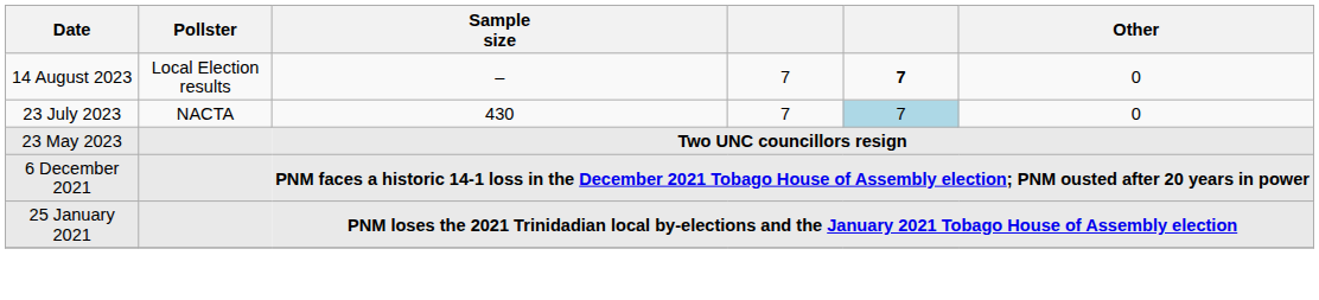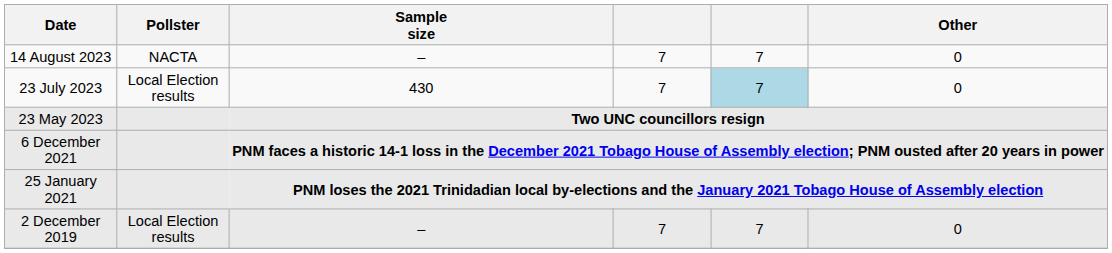 <table class="wikitable sortable collapsible" style="text-align:center;font-size:95%;">
 <tr style="height:42px;">
 <th style="width:110px;">Date</th>
 <th style="width:110px;">Pollster</th>
 <th data-sort-type="number">Sample<br>size</th>
 <th class="unsortable" style="background:"><a href='#'></a></th>
 <th class="unsortable" style="background:"><a href='#'></a></th>
 <th class="unsortable">Other</th>
 </tr>
 <tr>
 <td>14 August 2023</td>
-<td>Local Election results</td>
+<td>NACTA</td>
 <td>–</td>
 <td>7</td>
-<td><strong>7</strong></td>
+<td>7</td>
 <td>0</td>
 </tr>
 <tr>
 <td>23 July 2023</td>
-<td>NACTA</td>
+<td>Local Election results</td>
 <td>430</td>
 <td>7</td>
 <td style="background: lightblue;">7</td>
 <td>0</td>
 </tr>
 <tr style="background:#E9E9E9;">
 <td>23 May 2023</td>
 <td style="border-right-style:hidden;"></td>
 <td colspan="4" style="font-weight:bold;"><strong> Two UNC councillors resign</strong></td>
 </tr>
 <tr style="background:#E9E9E9;">
 <td>6 December 2021</td>
 <td style="border-right-style:hidden;"></td>
 <td colspan="4" style="font-weight:bold;"><strong>PNM faces a historic 14-1 loss in the <a href='#'>December 2021 Tobago House of Assembly election</a>; PNM ousted after 20 years in power</strong></td>
 </tr>
 <tr style="background:#E9E9E9;">
 <td>25 January 2021</td>
 <td style="border-right-style:hidden;"></td>
 <td colspan="4" style="font-weight:bold;">PNM loses the 2021 Trinidadian local by-elections and the <a href='#'>January 2021 Tobago House of Assembly election</a></td>
 </tr>
 <tr style="background:#E9E9E9;">
+<td data-sort-value="2019-12-02">2 December 2019</td>
+<td>Local Election results</td>
+<td>–</td>
+<td>7</td>
+<td>7</td>
+<td>0</td>
+</tr>
+<tr style="background:#E9E9E9;">
 </tr>
 </table>
